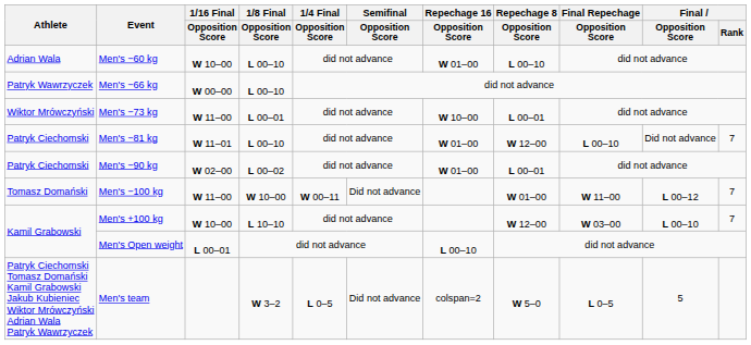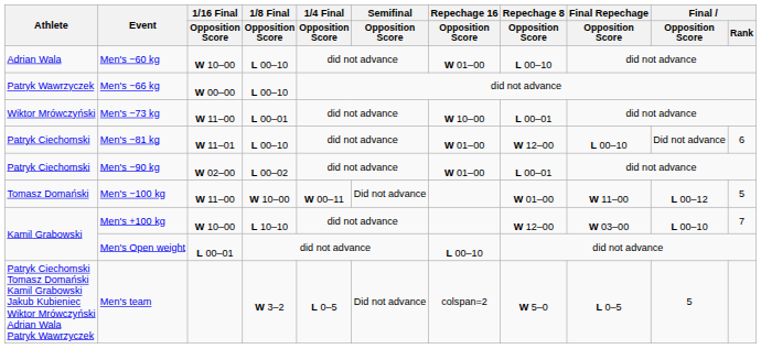 <table class="wikitable" style="font-size:90%">
 <tr>
 <th rowspan=2>Athlete</th>
 <th rowspan=2>Event</th>
 <th>1/16 Final</th>
 <th>1/8 Final</th>
 <th>1/4 Final</th>
 <th>Semifinal</th>
 <th>Repechage 16</th>
 <th>Repechage 8</th>
 <th>Final Repechage</th>
 <th colspan=3>Final / </th>
 </tr>
 <tr style="font-size:95%">
 <th>Opposition<br>Score</th>
 <th>Opposition<br>Score</th>
 <th>Opposition<br>Score</th>
 <th>Opposition<br>Score</th>
 <th>Opposition<br>Score</th>
 <th>Opposition<br>Score</th>
 <th>Opposition<br>Score</th>
 <th>Opposition<br>Score</th>
 <th>Rank</th>
 </tr>
 <tr align=center>
 <td align=left><a href='#'>Adrian Wala</a></td>
 <td align=left><a href='#'>Men's −60 kg</a></td>
 <td><br><strong>W</strong> 10–00</td>
 <td><br><strong>L</strong> 00–10</td>
 <td colspan=2>did not advance</td>
 <td><br><strong>W</strong> 01–00</td>
 <td><br><strong>L</strong> 00–10</td>
 <td colspan=3>did not advance</td>
 </tr>
 <tr align=center>
 <td align=left><a href='#'>Patryk Wawrzyczek</a></td>
 <td align=left><a href='#'>Men's −66 kg</a></td>
 <td><br><strong>W</strong> 00–00</td>
 <td><br><strong>L</strong> 00–10</td>
 <td colspan=7>did not advance</td>
 </tr>
 <tr align=center>
 <td align=left><a href='#'>Wiktor Mrówczyński</a></td>
 <td align=left><a href='#'>Men's −73 kg</a></td>
 <td><br><strong>W</strong> 11–00</td>
 <td><br><strong>L</strong> 00–01</td>
 <td colspan=2>did not advance</td>
 <td><br><strong>W</strong> 10–00</td>
 <td><br><strong>L</strong> 00–01</td>
 <td colspan=3>did not advance</td>
 </tr>
 <tr align=center>
 <td align=left><a href='#'>Patryk Ciechomski</a></td>
 <td align=left><a href='#'>Men's −81 kg</a></td>
 <td><br><strong>W</strong> 11–01</td>
 <td><br><strong>L</strong> 00–10</td>
 <td colspan=2>did not advance</td>
 <td><br><strong>W</strong> 01–00</td>
 <td><br><strong>W</strong> 12–00</td>
 <td><br><strong>L</strong> 00–10</td>
 <td>Did not advance</td>
-<td>7</td>
+<td>6</td>
 </tr>
 <tr align=center>
 <td align=left><a href='#'>Patryk Ciechomski</a></td>
 <td align=left><a href='#'>Men's −90 kg</a></td>
 <td><br><strong>W</strong> 02–00</td>
 <td><br><strong>L</strong> 00–02</td>
 <td colspan=2>did not advance</td>
 <td><br><strong>W</strong> 01–00</td>
 <td><br><strong>L</strong> 00–01</td>
 <td colspan=3>did not advance</td>
 </tr>
 <tr align=center>
 <td align=left><a href='#'>Tomasz Domański</a></td>
 <td align=left><a href='#'>Men's −100 kg</a></td>
 <td><br><strong>W</strong> 11–00</td>
 <td><br><strong>W</strong> 10–00</td>
 <td><br><strong>W</strong> 00–11</td>
 <td>Did not advance</td>
 <td></td>
 <td><br><strong>W</strong> 01–00</td>
 <td><br><strong>W</strong> 11–00</td>
 <td><br><strong>L</strong> 00–12</td>
-<td>7</td>
+<td>5</td>
 </tr>
 <tr align=center>
 <td rowspan=2 align=left><a href='#'>Kamil Grabowski</a></td>
 <td align=left><a href='#'>Men's +100 kg</a></td>
 <td><br><strong>W</strong> 10–00</td>
 <td><br><strong>L</strong> 10–10</td>
 <td colspan=2>did not advance</td>
 <td></td>
 <td><br><strong>W</strong> 12–00</td>
 <td><br><strong>W</strong> 03–00</td>
 <td><br><strong>L</strong> 00–10</td>
 <td>7</td>
 </tr>
 <tr align=center>
 <td align=left><a href='#'>Men's Open weight</a></td>
 <td><br><strong>L</strong> 00–01</td>
 <td colspan=3>did not advance</td>
 <td><br><strong>L</strong> 00–10</td>
 <td colspan=4>did not advance</td>
 </tr>
 <tr align=center>
 <td align=left><a href='#'>Patryk Ciechomski</a><br><a href='#'>Tomasz Domański</a><br><a href='#'>Kamil Grabowski</a><br><a href='#'>Jakub Kubieniec</a><br><a href='#'>Wiktor Mrówczyński</a><br><a href='#'>Adrian Wala</a><br><a href='#'>Patryk Wawrzyczek</a></td>
 <td align=left><a href='#'>Men's team</a></td>
 <td></td>
 <td><br><strong>W</strong> 3–2</td>
 <td><br><strong>L</strong> 0–5</td>
 <td>Did not advance</td>
 <td>colspan=2 </td>
 <td><br><strong>W</strong> 5–0</td>
 <td><br><strong>L</strong> 0–5</td>
 <td>5</td>
 </tr>
 </table>
